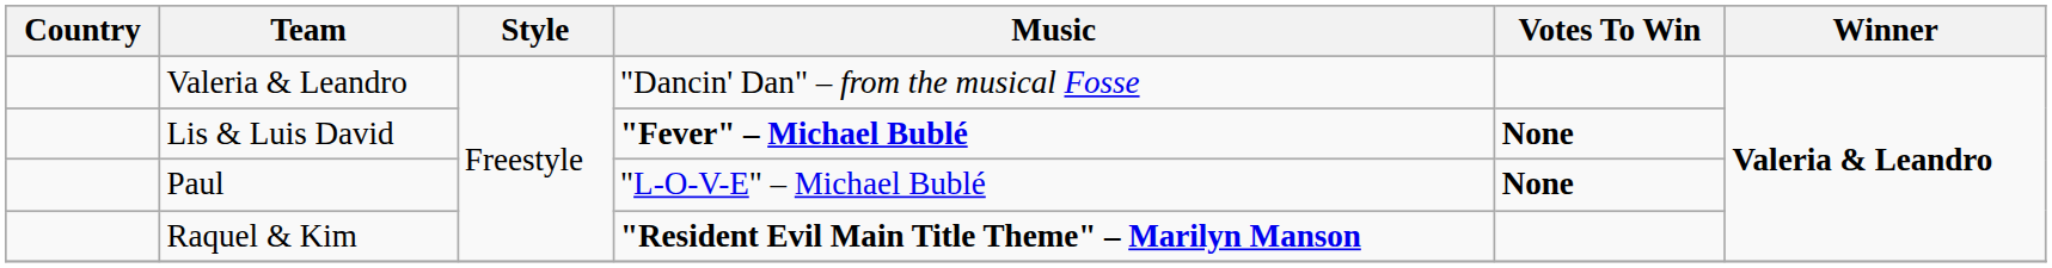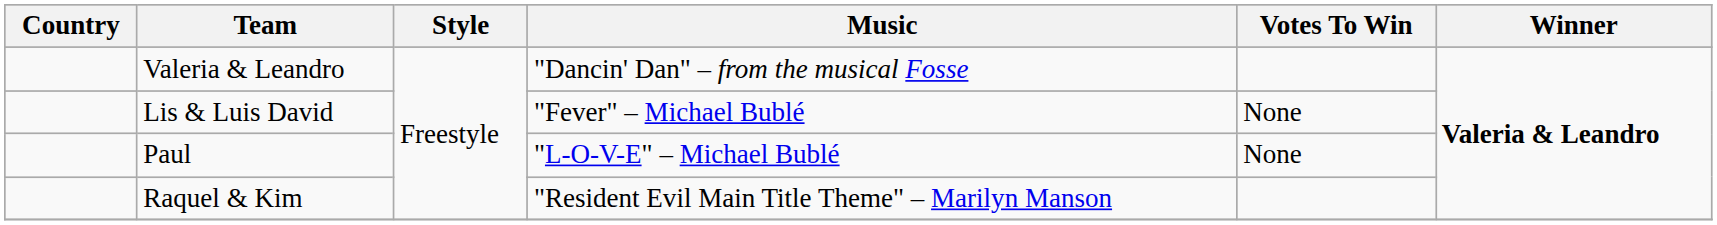 <table class="wikitable" style="width:80%">
 <tr>
 <th>Country</th>
 <th>Team</th>
 <th>Style</th>
 <th>Music</th>
 <th>Votes To Win</th>
 <th>Winner</th>
 </tr>
 <tr>
 <td></td>
 <td>Valeria & Leandro</td>
 <td rowspan=4>Freestyle</td>
 <td>"Dancin' Dan" – <em>from the musical <a href='#'>Fosse</a></em></td>
 <td>     </td>
 <td rowspan=4><strong>Valeria & Leandro</strong></td>
 </tr>
 <tr>
 <td></td>
 <td>Lis & Luis David</td>
-<td><strong>"Fever" – <a href='#'>Michael Bublé</a></strong></td>
-<td><strong>None</strong></td>
+<td>"Fever" – <a href='#'>Michael Bublé</a></td>
+<td>None</td>
 </tr>
 <tr>
 <td></td>
 <td>Paul</td>
 <td>"<a href='#'>L-O-V-E</a>" – <a href='#'>Michael Bublé</a></td>
-<td><strong>None</strong></td>
+<td>None</td>
 </tr>
 <tr>
 <td></td>
 <td>Raquel & Kim</td>
-<td><strong>"Resident Evil Main Title Theme" – <a href='#'>Marilyn Manson</a></strong></td>
+<td>"Resident Evil Main Title Theme" – <a href='#'>Marilyn Manson</a></td>
 <td>  </td>
 </tr>
 <tr>
 </tr>
 </table>
